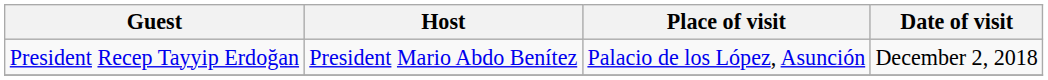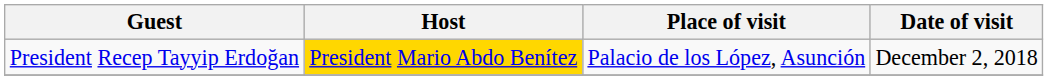 <table class="wikitable" border="1">
 <tr>
 <th>Guest</th>
 <th>Host</th>
 <th>Place of visit</th>
 <th>Date of visit</th>
 </tr>
 <tr>
 <td> <a href='#'>President</a> <a href='#'>Recep Tayyip Erdoğan</a></td>
-<td> <a href='#'>President</a> <a href='#'>Mario Abdo Benítez</a></td>
+<td style="background: gold;"> <a href='#'>President</a> <a href='#'>Mario Abdo Benítez</a></td>
 <td><a href='#'>Palacio de los López</a>, <a href='#'>Asunción</a></td>
 <td>December 2, 2018</td>
 </tr>
 <tr>
 </tr>
 </table>
